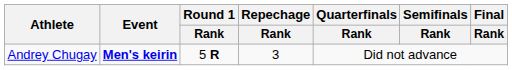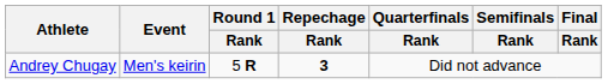 <table class=wikitable style=font-size:90%;text-align:center>
 <tr>
 <th rowspan=2>Athlete</th>
 <th rowspan=2>Event</th>
 <th>Round 1</th>
 <th>Repechage</th>
 <th>Quarterfinals</th>
 <th>Semifinals</th>
 <th>Final</th>
 </tr>
 <tr style=font-size:95%>
 <th>Rank</th>
 <th>Rank</th>
 <th>Rank</th>
 <th>Rank</th>
 <th>Rank</th>
 </tr>
 <tr>
 <td align=left><a href='#'>Andrey Chugay</a></td>
-<td align=left><strong><a href='#'>Men's keirin</a></strong></td>
+<td align=left><a href='#'>Men's keirin</a></td>
 <td>5 <strong>R</strong></td>
-<td>3</td>
+<td><strong>3</strong></td>
 <td colspan=3>Did not advance</td>
 </tr>
 </table>
